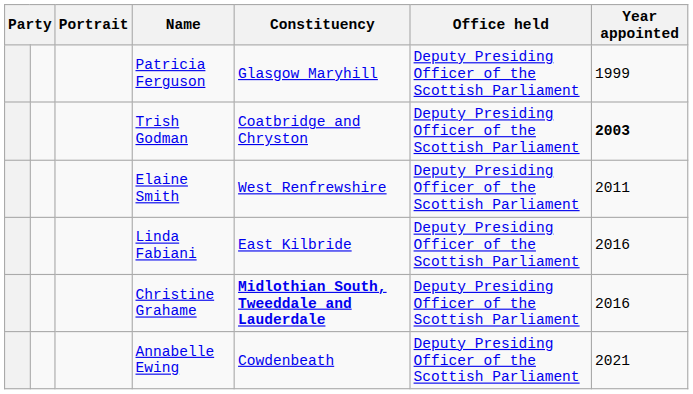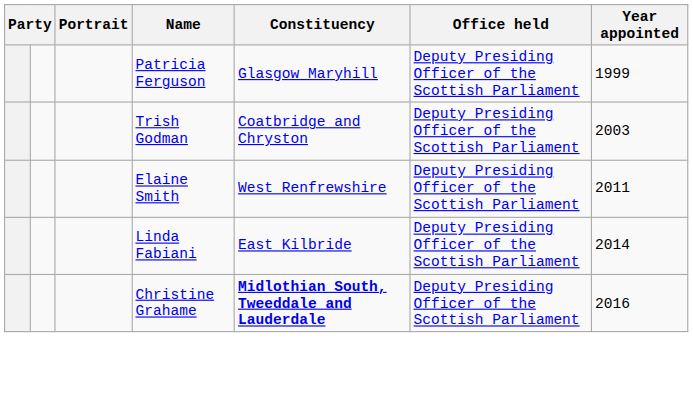 <table class="wikitable sortable">
 <tr>
 <th colspan=2>Party</th>
 <th>Portrait</th>
 <th>Name</th>
 <th>Constituency</th>
 <th>Office held</th>
 <th>Year appointed</th>
 </tr>
 <tr>
 <th style="background-color: "></th>
 <td></td>
 <td></td>
 <td><a href='#'>Patricia Ferguson</a></td>
 <td><a href='#'>Glasgow Maryhill</a></td>
 <td><a href='#'>Deputy Presiding Officer of the Scottish Parliament</a></td>
 <td>1999</td>
 </tr>
 <tr>
 <th style="background-color: "></th>
 <td></td>
 <td></td>
 <td><a href='#'>Trish Godman</a></td>
 <td><a href='#'>Coatbridge and Chryston</a></td>
 <td><a href='#'>Deputy Presiding Officer of the Scottish Parliament</a></td>
-<td><strong>2003</strong></td>
+<td>2003</td>
 </tr>
 <tr>
 <th style="background-color: "></th>
 <td></td>
 <td></td>
 <td><a href='#'>Elaine Smith</a></td>
 <td><a href='#'>West Renfrewshire</a></td>
 <td><a href='#'>Deputy Presiding Officer of the Scottish Parliament</a></td>
 <td>2011</td>
 </tr>
 <tr>
 <th style="background-color: "></th>
 <td></td>
 <td></td>
 <td><a href='#'>Linda Fabiani</a></td>
 <td><a href='#'>East Kilbride</a></td>
 <td><a href='#'>Deputy Presiding Officer of the Scottish Parliament</a></td>
-<td>2016</td>
+<td>2014</td>
 </tr>
 <tr>
 <th style="background-color: "></th>
 <td></td>
 <td></td>
 <td><a href='#'>Christine Grahame</a></td>
 <td><strong><a href='#'>Midlothian South, Tweeddale and Lauderdale</a></strong></td>
 <td><a href='#'>Deputy Presiding Officer of the Scottish Parliament</a></td>
 <td>2016</td>
 </tr>
-<tr>
-<th style="background-color: "></th>
-<td></td>
-<td></td>
-<td><a href='#'>Annabelle Ewing</a></td>
-<td><a href='#'>Cowdenbeath</a></td>
-<td><a href='#'>Deputy Presiding Officer of the Scottish Parliament</a></td>
-<td>2021</td>
-</tr>
 </table>
